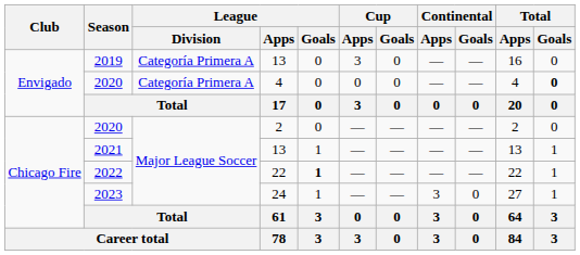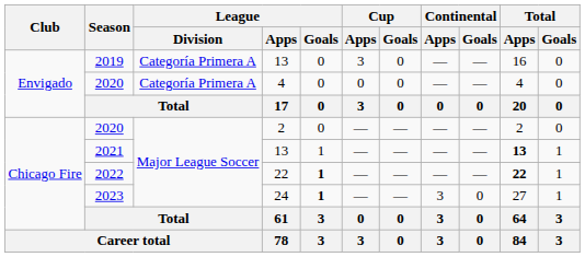 <table class=wikitable style=text-align:center>
 <tr>
 <th rowspan=2>Club</th>
 <th rowspan=2>Season</th>
 <th colspan=3>League</th>
 <th colspan=2>Cup</th>
 <th colspan=2>Continental</th>
 <th colspan=2>Total</th>
 </tr>
 <tr>
 <th>Division</th>
 <th>Apps</th>
 <th>Goals</th>
 <th>Apps</th>
 <th>Goals</th>
 <th>Apps</th>
 <th>Goals</th>
 <th>Apps</th>
 <th>Goals</th>
 </tr>
 <tr>
 <td rowspan=3><a href='#'>Envigado</a></td>
 <td><a href='#'>2019</a></td>
 <td><a href='#'>Categoría Primera A</a></td>
 <td>13</td>
 <td>0</td>
 <td>3</td>
 <td>0</td>
 <td>—</td>
 <td>—</td>
 <td>16</td>
 <td>0</td>
 </tr>
 <tr>
 <td><a href='#'>2020</a></td>
 <td><a href='#'>Categoría Primera A</a></td>
 <td>4</td>
 <td>0</td>
 <td>0</td>
 <td>0</td>
 <td>—</td>
 <td>—</td>
 <td>4</td>
-<td><strong>0</strong></td>
+<td>0</td>
 </tr>
 <tr>
 <th colspan=2>Total</th>
 <th>17</th>
 <th>0</th>
 <th>3</th>
 <th>0</th>
 <th>0</th>
 <th>0</th>
 <th>20</th>
 <th>0</th>
 </tr>
 <tr>
 <td rowspan="5"><a href='#'>Chicago Fire</a></td>
 <td><a href='#'>2020</a></td>
 <td rowspan="4"><a href='#'>Major League Soccer</a></td>
 <td>2</td>
 <td>0</td>
 <td>—</td>
 <td>—</td>
 <td>—</td>
 <td>—</td>
 <td>2</td>
 <td>0</td>
 </tr>
 <tr>
 <td><a href='#'>2021</a></td>
 <td>13</td>
 <td>1</td>
 <td>—</td>
 <td>—</td>
 <td>—</td>
 <td>—</td>
-<td>13</td>
+<td><strong>13</strong></td>
 <td>1</td>
 </tr>
 <tr>
 <td><a href='#'>2022</a></td>
 <td>22</td>
 <td><strong>1</strong></td>
 <td>—</td>
 <td>—</td>
 <td>—</td>
 <td>—</td>
-<td>22</td>
+<td><strong>22</strong></td>
 <td>1</td>
 </tr>
 <tr>
 <td><a href='#'>2023</a></td>
 <td>24</td>
-<td>1</td>
+<td><strong>1</strong></td>
 <td>—</td>
 <td>—</td>
 <td>3</td>
 <td>0</td>
 <td>27</td>
 <td>1</td>
 </tr>
 <tr>
 <th colspan="2">Total</th>
 <th>61</th>
 <th>3</th>
 <th>0</th>
 <th>0</th>
 <th>3</th>
 <th>0</th>
 <th>64</th>
 <th>3</th>
 </tr>
 <tr>
 <th colspan="3">Career total</th>
 <th>78</th>
 <th>3</th>
 <th>3</th>
 <th>0</th>
 <th>3</th>
 <th>0</th>
 <th>84</th>
 <th>3</th>
 </tr>
 </table>
